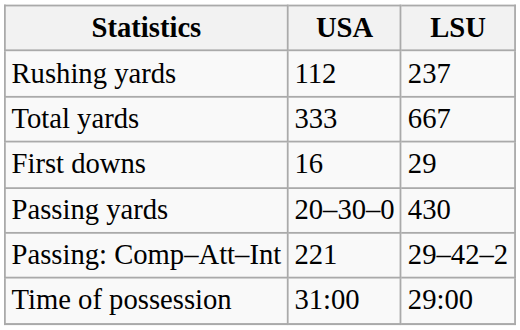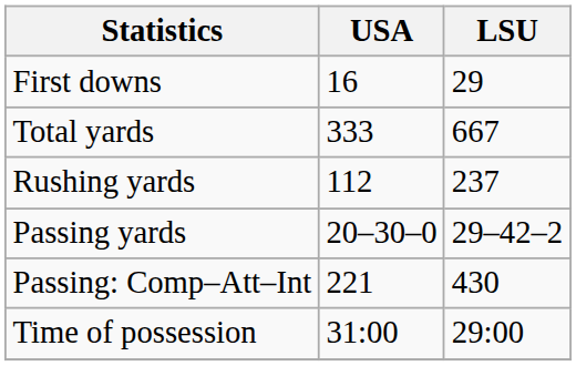 <table class="wikitable" style="float: left;">
 <tr>
 <th>Statistics</th>
 <th>USA</th>
 <th>LSU</th>
 </tr>
 <tr>
-<td>Rushing yards</td>
-<td>112</td>
-<td>237</td>
+<td>First downs</td>
+<td>16</td>
+<td>29</td>
 </tr>
 <tr>
 <td>Total yards</td>
 <td>333</td>
 <td>667</td>
 </tr>
 <tr>
-<td>First downs</td>
-<td>16</td>
-<td>29</td>
+<td>Rushing yards</td>
+<td>112</td>
+<td>237</td>
 </tr>
 <tr>
 <td>Passing yards</td>
 <td>20–30–0</td>
-<td>430</td>
+<td>29–42–2</td>
 </tr>
 <tr>
 <td>Passing: Comp–Att–Int</td>
 <td>221</td>
-<td>29–42–2</td>
+<td>430</td>
 </tr>
 <tr>
 <td>Time of possession</td>
 <td>31:00</td>
 <td>29:00</td>
 </tr>
 <tr>
 </tr>
 </table>
